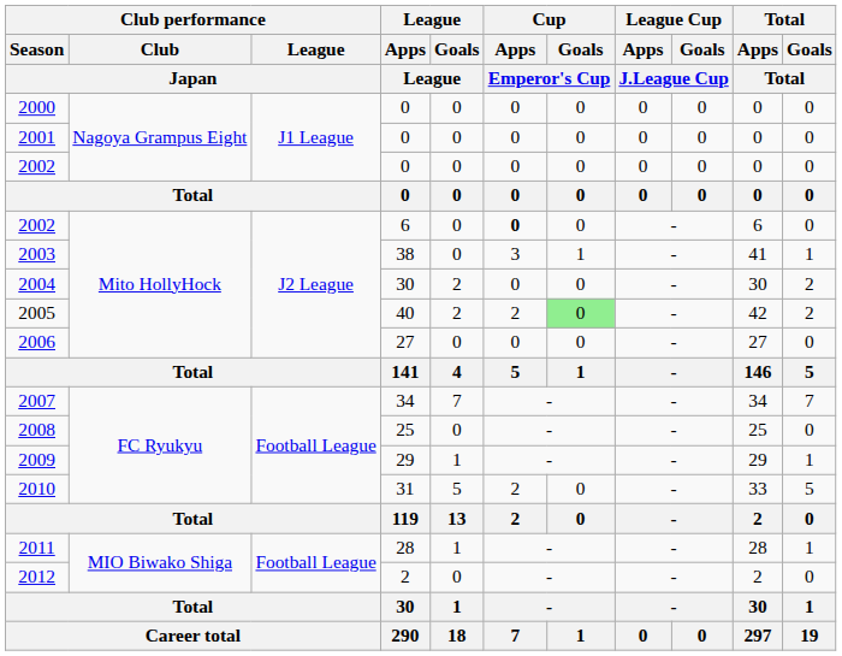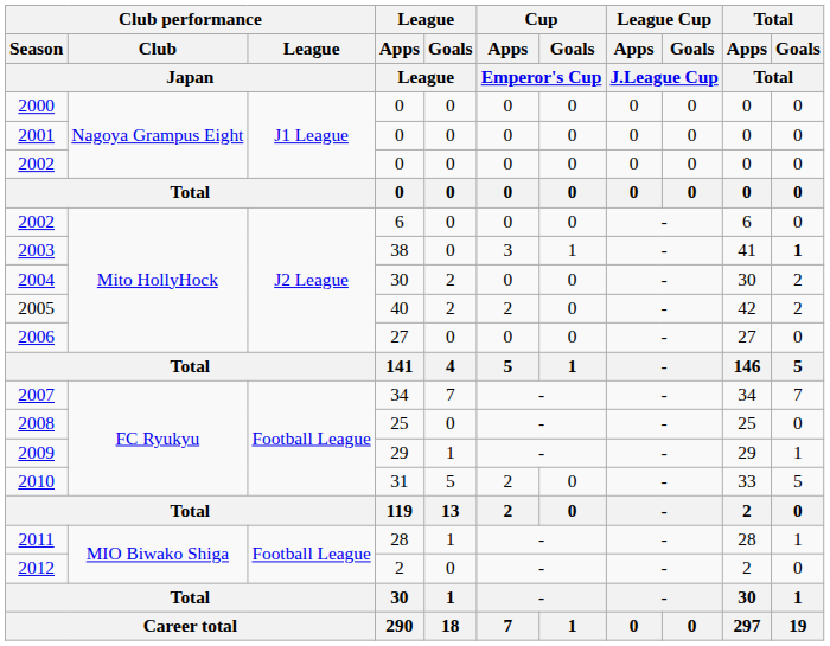 <table class="wikitable" style="text-align:center">
 <tr>
 <th colspan=3>Club performance</th>
 <th colspan=2>League</th>
 <th colspan=2>Cup</th>
 <th colspan=2>League Cup</th>
 <th colspan=2>Total</th>
 </tr>
 <tr>
 <th>Season</th>
 <th>Club</th>
 <th>League</th>
 <th>Apps</th>
 <th>Goals</th>
 <th>Apps</th>
 <th>Goals</th>
 <th>Apps</th>
 <th>Goals</th>
 <th>Apps</th>
 <th>Goals</th>
 </tr>
 <tr>
 <th colspan=3>Japan</th>
 <th colspan=2>League</th>
 <th colspan=2><a href='#'>Emperor's Cup</a></th>
 <th colspan=2><a href='#'>J.League Cup</a></th>
 <th colspan=2>Total</th>
 </tr>
 <tr>
 <td><a href='#'>2000</a></td>
 <td rowspan="3"><a href='#'>Nagoya Grampus Eight</a></td>
 <td rowspan="3"><a href='#'>J1 League</a></td>
 <td>0</td>
 <td>0</td>
 <td>0</td>
 <td>0</td>
 <td>0</td>
 <td>0</td>
 <td>0</td>
 <td>0</td>
 </tr>
 <tr>
 <td><a href='#'>2001</a></td>
 <td>0</td>
 <td>0</td>
 <td>0</td>
 <td>0</td>
 <td>0</td>
 <td>0</td>
 <td>0</td>
 <td>0</td>
 </tr>
 <tr>
 <td><a href='#'>2002</a></td>
 <td>0</td>
 <td>0</td>
 <td>0</td>
 <td>0</td>
 <td>0</td>
 <td>0</td>
 <td>0</td>
 <td>0</td>
 </tr>
 <tr>
 <th colspan="3">Total</th>
 <th>0</th>
 <th>0</th>
 <th>0</th>
 <th>0</th>
 <th>0</th>
 <th>0</th>
 <th>0</th>
 <th>0</th>
 </tr>
 <tr>
 <td><a href='#'>2002</a></td>
 <td rowspan="5"><a href='#'>Mito HollyHock</a></td>
 <td rowspan="5"><a href='#'>J2 League</a></td>
 <td>6</td>
 <td>0</td>
-<td><strong>0</strong></td>
+<td>0</td>
 <td>0</td>
 <td colspan="2">-</td>
 <td>6</td>
 <td>0</td>
 </tr>
 <tr>
 <td><a href='#'>2003</a></td>
 <td>38</td>
 <td>0</td>
 <td>3</td>
 <td>1</td>
 <td colspan="2">-</td>
 <td>41</td>
-<td>1</td>
+<td><strong>1</strong></td>
 </tr>
 <tr>
 <td><a href='#'>2004</a></td>
 <td>30</td>
 <td>2</td>
 <td>0</td>
 <td>0</td>
 <td colspan="2">-</td>
 <td>30</td>
 <td>2</td>
 </tr>
 <tr>
 <td>2005</td>
 <td>40</td>
 <td>2</td>
 <td>2</td>
-<td style="background: lightgreen;">0</td>
+<td>0</td>
 <td colspan="2">-</td>
 <td>42</td>
 <td>2</td>
 </tr>
 <tr>
 <td><a href='#'>2006</a></td>
 <td>27</td>
 <td>0</td>
 <td>0</td>
 <td>0</td>
 <td colspan="2">-</td>
 <td>27</td>
 <td>0</td>
 </tr>
 <tr>
 <th colspan="3">Total</th>
 <th>141</th>
 <th>4</th>
 <th>5</th>
 <th>1</th>
 <th colspan="2">-</th>
 <th>146</th>
 <th>5</th>
 </tr>
 <tr>
 <td><a href='#'>2007</a></td>
 <td rowspan="4"><a href='#'>FC Ryukyu</a></td>
 <td rowspan="4"><a href='#'>Football League</a></td>
 <td>34</td>
 <td>7</td>
 <td colspan="2">-</td>
 <td colspan="2">-</td>
 <td>34</td>
 <td>7</td>
 </tr>
 <tr>
 <td><a href='#'>2008</a></td>
 <td>25</td>
 <td>0</td>
 <td colspan="2">-</td>
 <td colspan="2">-</td>
 <td>25</td>
 <td>0</td>
 </tr>
 <tr>
 <td><a href='#'>2009</a></td>
 <td>29</td>
 <td>1</td>
 <td colspan="2">-</td>
 <td colspan="2">-</td>
 <td>29</td>
 <td>1</td>
 </tr>
 <tr>
 <td><a href='#'>2010</a></td>
 <td>31</td>
 <td>5</td>
 <td>2</td>
 <td>0</td>
 <td colspan="2">-</td>
 <td>33</td>
 <td>5</td>
 </tr>
 <tr>
 <th colspan="3">Total</th>
 <th>119</th>
 <th>13</th>
 <th>2</th>
 <th>0</th>
 <th colspan="2">-</th>
 <th>2</th>
 <th>0</th>
 </tr>
 <tr>
 <td><a href='#'>2011</a></td>
 <td rowspan="2"><a href='#'>MIO Biwako Shiga</a></td>
 <td rowspan="2"><a href='#'>Football League</a></td>
 <td>28</td>
 <td>1</td>
 <td colspan="2">-</td>
 <td colspan="2">-</td>
 <td>28</td>
 <td>1</td>
 </tr>
 <tr>
 <td><a href='#'>2012</a></td>
 <td>2</td>
 <td>0</td>
 <td colspan="2">-</td>
 <td colspan="2">-</td>
 <td>2</td>
 <td>0</td>
 </tr>
 <tr>
 <th colspan="3">Total</th>
 <th>30</th>
 <th>1</th>
 <th colspan="2">-</th>
 <th colspan="2">-</th>
 <th>30</th>
 <th>1</th>
 </tr>
 <tr>
 <th colspan=3>Career total</th>
 <th>290</th>
 <th>18</th>
 <th>7</th>
 <th>1</th>
 <th>0</th>
 <th>0</th>
 <th>297</th>
 <th>19</th>
 </tr>
 </table>
